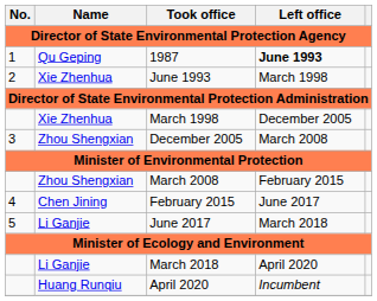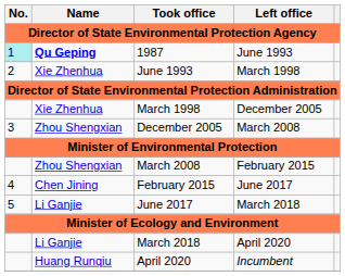 <table class="wikitable">
 <tr>
 <th>No.</th>
 <th>Name</th>
 <th>Took office</th>
 <th>Left office</th>
 <th></th>
 </tr>
 <tr>
 <td colspan="5" style="text-align:center; background:coral;"><strong>Director of State Environmental Protection Agency</strong></td>
 </tr>
 <tr>
-<td>1</td>
-<td><a href='#'>Qu Geping</a></td>
+<td style="background: paleturquoise;">1</td>
+<td><strong><a href='#'>Qu Geping</a></strong></td>
 <td>1987</td>
-<td><strong>June 1993</strong></td>
+<td>June 1993</td>
 <td></td>
 </tr>
 <tr>
 <td>2</td>
 <td><a href='#'>Xie Zhenhua</a></td>
 <td>June 1993</td>
 <td>March 1998</td>
 <td></td>
 </tr>
 <tr>
 <td colspan="5" style="text-align:center; background:coral;"><strong>Director of State Environmental Protection Administration</strong></td>
 </tr>
 <tr>
 <td></td>
 <td><a href='#'>Xie Zhenhua</a></td>
 <td>March 1998</td>
 <td>December 2005</td>
 <td></td>
 </tr>
 <tr>
 <td>3</td>
 <td><a href='#'>Zhou Shengxian</a></td>
 <td>December 2005</td>
 <td>March 2008</td>
 <td></td>
 </tr>
 <tr>
 <td colspan="5" style="text-align:center; background:coral;"><strong>Minister of Environmental Protection</strong></td>
 </tr>
 <tr>
 <td></td>
 <td><a href='#'>Zhou Shengxian</a></td>
 <td>March 2008</td>
 <td>February 2015</td>
 <td></td>
 </tr>
 <tr>
 <td>4</td>
 <td><a href='#'>Chen Jining</a></td>
 <td>February 2015</td>
 <td>June 2017</td>
 <td></td>
 </tr>
 <tr>
 <td>5</td>
 <td><a href='#'>Li Ganjie</a></td>
 <td>June 2017</td>
 <td>March 2018</td>
 <td></td>
 </tr>
 <tr>
 <td colspan="5" style="text-align:center; background:coral;"><strong>Minister of Ecology and Environment</strong></td>
 </tr>
 <tr>
 <td></td>
 <td><a href='#'>Li Ganjie</a></td>
 <td>March 2018</td>
 <td>April 2020</td>
 <td></td>
 </tr>
 <tr>
 <td></td>
 <td><a href='#'>Huang Runqiu</a></td>
 <td>April 2020</td>
 <td><em>Incumbent</em></td>
 <td></td>
 </tr>
 <tr>
 </tr>
 </table>
